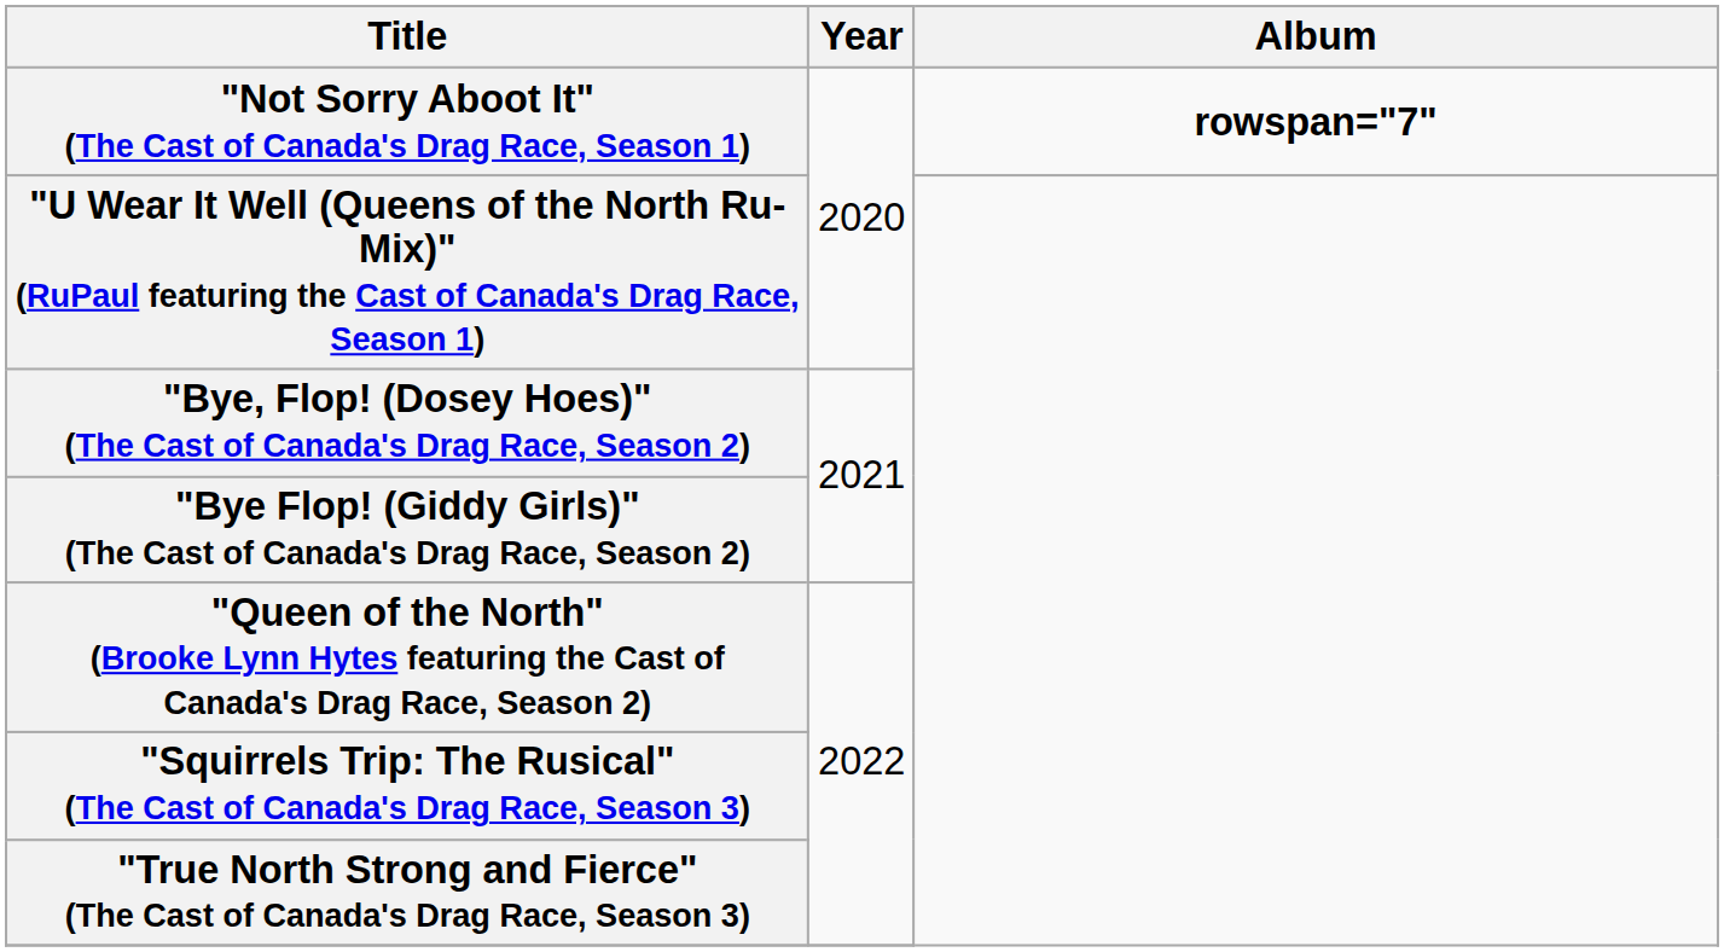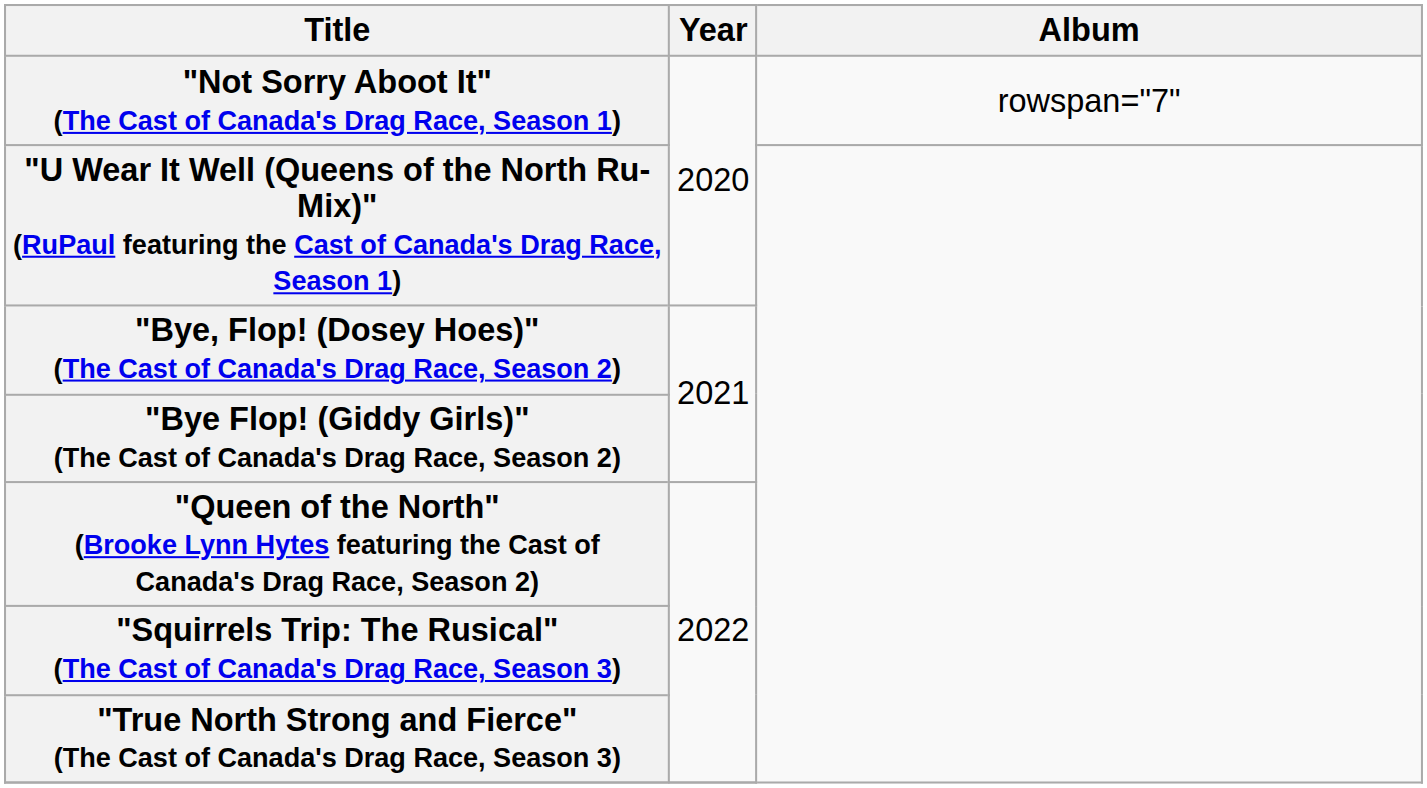 <table class="wikitable plainrowheaders" style="text-align:center;">
 <tr>
 <th style="width:20em;">Title</th>
 <th style="width:1em;">Year</th>
 <th style="width:20em;">Album</th>
 </tr>
 <tr>
 <th scope="row">"Not Sorry Aboot It"<br><small>(<a href='#'>The Cast of Canada's Drag Race, Season 1</a>)</small></th>
 <td rowspan="2">2020</td>
-<td><strong>rowspan="7" </strong></td>
+<td>rowspan="7" </td>
 </tr>
 <tr>
 <th scope="row">"U Wear It Well (Queens of the North Ru-Mix)"<br><small>(<a href='#'>RuPaul</a> featuring the <a href='#'>Cast of Canada's Drag Race, Season 1</a>)</small></th>
 </tr>
 <tr>
 <th scope="row">"Bye, Flop! (Dosey Hoes)"<br><small>(<a href='#'>The Cast of Canada's Drag Race, Season 2</a>)</small></th>
 <td rowspan="2">2021</td>
 </tr>
 <tr>
 <th scope="row">"Bye Flop! (Giddy Girls)"<br><small>(The Cast of Canada's Drag Race, Season 2)</small></th>
 </tr>
 <tr>
 <th scope="row">"Queen of the North"<br><small>(<a href='#'>Brooke Lynn Hytes</a> featuring the Cast of Canada's Drag Race, Season 2)</small></th>
 <td rowspan="3">2022</td>
 </tr>
 <tr>
 <th scope="row">"Squirrels Trip: The Rusical"<br><small>(<a href='#'>The Cast of Canada's Drag Race, Season 3</a>)</small></th>
 </tr>
 <tr>
 <th scope="row">"True North Strong and Fierce"<br><small>(The Cast of Canada's Drag Race, Season 3)</small></th>
 </tr>
 <tr>
 </tr>
 </table>
